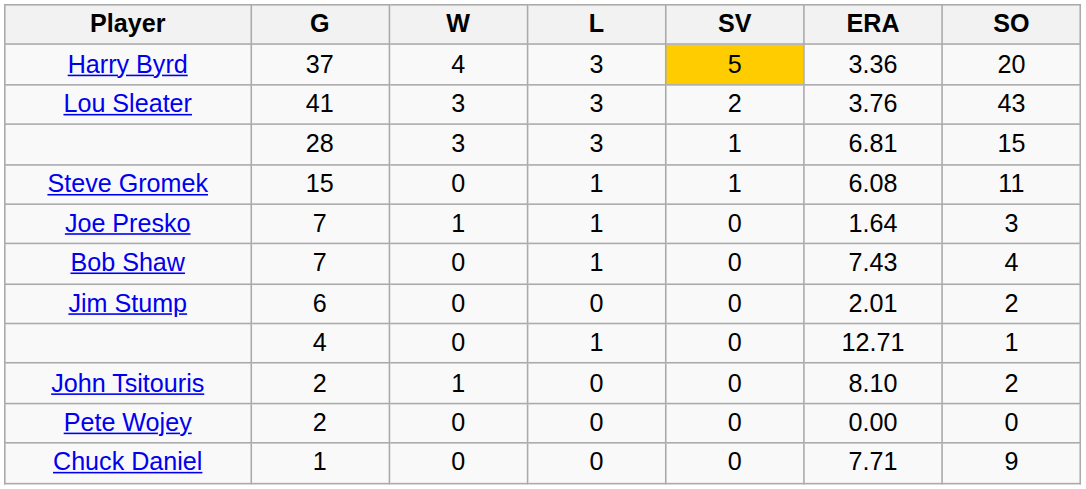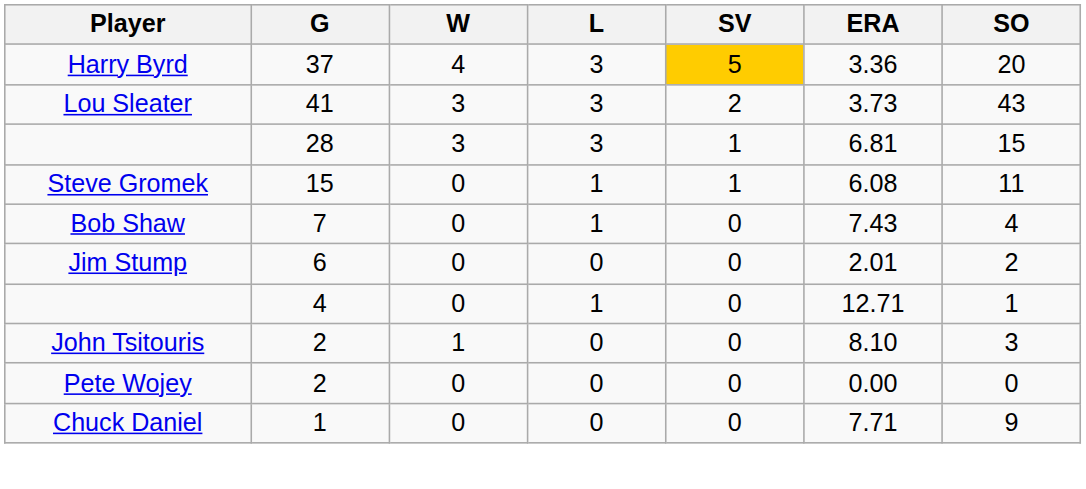 <table class="wikitable sortable">
 <tr>
 <th bgcolor="#DDDDFF" width="16%">Player</th>
 <th bgcolor="#DDDDFF" width="9%">G</th>
 <th bgcolor="#DDDDFF" width="9%">W</th>
 <th bgcolor="#DDDDFF" width="9%">L</th>
 <th bgcolor="#DDDDFF" width="9%">SV</th>
 <th bgcolor="#DDDDFF" width="9%">ERA</th>
 <th bgcolor="#DDDDFF" width="9%">SO</th>
 </tr>
 <tr align="center">
 <td><a href='#'>Harry Byrd</a></td>
 <td>37</td>
 <td>4</td>
 <td>3</td>
 <td style="background:#fc0;">5</td>
 <td>3.36</td>
 <td>20</td>
 </tr>
 <tr align=center>
 <td><a href='#'>Lou Sleater</a></td>
 <td>41</td>
 <td>3</td>
 <td>3</td>
 <td>2</td>
-<td>3.76</td>
+<td>3.73</td>
 <td>43</td>
 </tr>
 <tr align="center">
 <td></td>
 <td>28</td>
 <td>3</td>
 <td>3</td>
 <td>1</td>
 <td>6.81</td>
 <td>15</td>
 </tr>
 <tr align="center">
 <td><a href='#'>Steve Gromek</a></td>
 <td>15</td>
 <td>0</td>
 <td>1</td>
 <td>1</td>
 <td>6.08</td>
 <td>11</td>
-</tr>
-<tr align="center">
-<td><a href='#'>Joe Presko</a></td>
-<td>7</td>
-<td>1</td>
-<td>1</td>
-<td>0</td>
-<td>1.64</td>
-<td>3</td>
 </tr>
 <tr align="center">
 <td><a href='#'>Bob Shaw</a></td>
 <td>7</td>
 <td>0</td>
 <td>1</td>
 <td>0</td>
 <td>7.43</td>
 <td>4</td>
 </tr>
 <tr align="center">
 <td><a href='#'>Jim Stump</a></td>
 <td>6</td>
 <td>0</td>
 <td>0</td>
 <td>0</td>
 <td>2.01</td>
 <td>2</td>
 </tr>
 <tr align="center">
 <td></td>
 <td>4</td>
 <td>0</td>
 <td>1</td>
 <td>0</td>
 <td>12.71</td>
 <td>1</td>
 </tr>
 <tr align="center">
 <td><a href='#'>John Tsitouris</a></td>
 <td>2</td>
 <td>1</td>
 <td>0</td>
 <td>0</td>
 <td>8.10</td>
-<td>2</td>
+<td>3</td>
 </tr>
 <tr align="center">
 <td><a href='#'>Pete Wojey</a></td>
 <td>2</td>
 <td>0</td>
 <td>0</td>
 <td>0</td>
 <td>0.00</td>
 <td>0</td>
 </tr>
 <tr align="center">
 <td><a href='#'>Chuck Daniel</a></td>
 <td>1</td>
 <td>0</td>
 <td>0</td>
 <td>0</td>
 <td>7.71</td>
 <td>9</td>
 </tr>
 </table>
